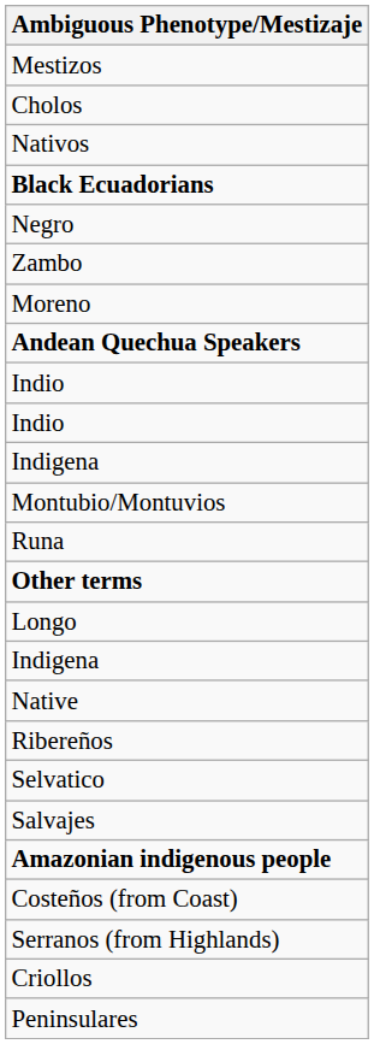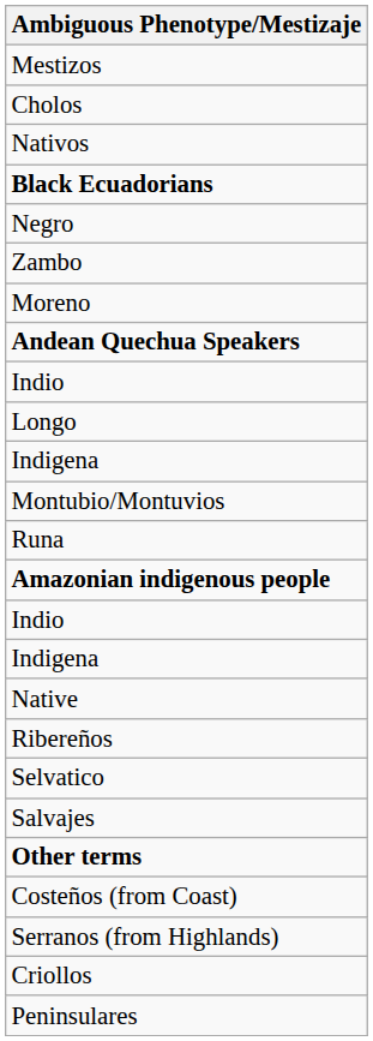 <table class="wikitable">
 <tr>
 <th><strong>Ambiguous Phenotype/Mestizaje</strong></th>
 </tr>
 <tr>
 <td>Mestizos</td>
 </tr>
 <tr>
 <td>Cholos</td>
 </tr>
 <tr>
 <td>Nativos</td>
 </tr>
 <tr>
 <td><strong>Black Ecuadorians</strong></td>
 </tr>
 <tr>
 <td>Negro</td>
 </tr>
 <tr>
 <td>Zambo</td>
 </tr>
 <tr>
 <td>Moreno</td>
 </tr>
 <tr>
 <td><strong>Andean Quechua Speakers</strong></td>
 </tr>
 <tr>
 <td>Indio</td>
 </tr>
 <tr>
-<td>Indio</td>
+<td>Longo</td>
 </tr>
 <tr>
 <td>Indigena</td>
 </tr>
 <tr>
 <td>Montubio/Montuvios</td>
 </tr>
 <tr>
 <td>Runa</td>
 </tr>
 <tr>
-<td><strong>Other terms</strong></td>
+<td><strong>Amazonian indigenous people</strong></td>
 </tr>
 <tr>
-<td>Longo</td>
+<td>Indio</td>
 </tr>
 <tr>
 <td>Indigena</td>
 </tr>
 <tr>
 <td>Native</td>
 </tr>
 <tr>
 <td>Ribereños</td>
 </tr>
 <tr>
 <td>Selvatico</td>
 </tr>
 <tr>
 <td>Salvajes</td>
 </tr>
 <tr>
-<td><strong>Amazonian indigenous people</strong></td>
+<td><strong>Other terms</strong></td>
 </tr>
 <tr>
 <td>Costeños (from Coast)</td>
 </tr>
 <tr>
 <td>Serranos (from Highlands)</td>
 </tr>
 <tr>
 <td>Criollos</td>
 </tr>
 <tr>
 <td>Peninsulares</td>
 </tr>
 </table>
